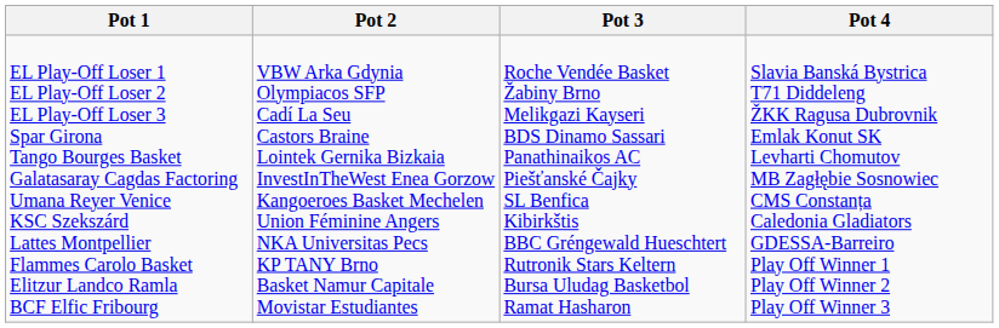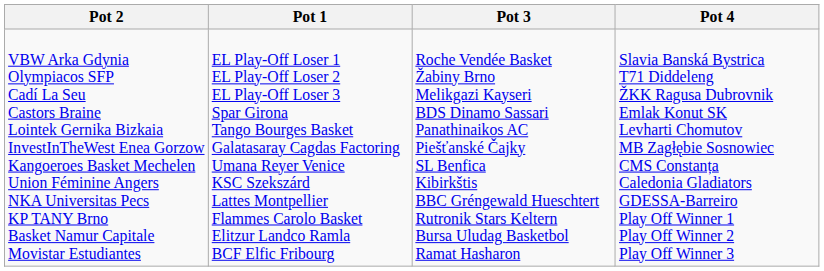 <table class="wikitable collapsible">
 <tr>
+<th width=25%>Pot 2</th>
 <th width=25%>Pot 1</th>
-<th width=25%>Pot 2</th>
 <th width=25%>Pot 3</th>
 <th width=25%>Pot 4</th>
 </tr>
 <tr>
+<td><br> <a href='#'>VBW Arka Gdynia</a><br>  <a href='#'>Olympiacos SFP</a><br>  <a href='#'>Cadí La Seu</a><br>  <a href='#'>Castors Braine</a><br>  <a href='#'>Lointek Gernika Bizkaia</a><br>  <a href='#'>InvestInTheWest Enea Gorzow</a><br>  <a href='#'>Kangoeroes Basket Mechelen</a><br>  <a href='#'>Union Féminine Angers</a><br>  <a href='#'>NKA Universitas Pecs</a><br>  <a href='#'>KP TANY Brno</a><br>  <a href='#'>Basket Namur Capitale</a><br>  <a href='#'>Movistar Estudiantes</a></td>
 <td><br> <a href='#'>EL Play-Off Loser 1</a><br>  <a href='#'>EL Play-Off Loser 2</a><br>  <a href='#'>EL Play-Off Loser 3</a><br>  <a href='#'>Spar Girona</a><br>  <a href='#'>Tango Bourges Basket</a><br>  <a href='#'>Galatasaray Cagdas Factoring</a><br>  <a href='#'>Umana Reyer Venice</a><br>  <a href='#'>KSC Szekszárd</a><br>  <a href='#'>Lattes Montpellier</a><br>  <a href='#'>Flammes Carolo Basket</a><br>  <a href='#'>Elitzur Landco Ramla</a><br>  <a href='#'>BCF Elfic Fribourg</a></td>
-<td><br> <a href='#'>VBW Arka Gdynia</a><br>  <a href='#'>Olympiacos SFP</a><br>  <a href='#'>Cadí La Seu</a><br>  <a href='#'>Castors Braine</a><br>  <a href='#'>Lointek Gernika Bizkaia</a><br>  <a href='#'>InvestInTheWest Enea Gorzow</a><br>  <a href='#'>Kangoeroes Basket Mechelen</a><br>  <a href='#'>Union Féminine Angers</a><br>  <a href='#'>NKA Universitas Pecs</a><br>  <a href='#'>KP TANY Brno</a><br>  <a href='#'>Basket Namur Capitale</a><br>  <a href='#'>Movistar Estudiantes</a></td>
 <td><br> <a href='#'>Roche Vendée Basket</a><br>  <a href='#'>Žabiny Brno</a><br>  <a href='#'>Melikgazi Kayseri</a><br>  <a href='#'>BDS Dinamo Sassari</a><br>  <a href='#'>Panathinaikos AC</a><br>  <a href='#'>Piešťanské Čajky</a><br>  <a href='#'>SL Benfica</a><br>  <a href='#'>Kibirkštis</a><br>  <a href='#'>BBC Gréngewald Hueschtert</a><br>  <a href='#'>Rutronik Stars Keltern</a> <br>  <a href='#'>Bursa Uludag Basketbol</a><br>  <a href='#'>Ramat Hasharon</a></td>
 <td><br> <a href='#'>Slavia Banská Bystrica</a><br>  <a href='#'>T71 Diddeleng</a><br>  <a href='#'>ŽKK Ragusa Dubrovnik</a><br>  <a href='#'>Emlak Konut SK</a> <br>  <a href='#'>Levharti Chomutov</a><br>  <a href='#'>MB Zagłębie Sosnowiec</a><br>  <a href='#'>CMS Constanța</a><br>  <a href='#'>Caledonia Gladiators</a><br>  <a href='#'>GDESSA-Barreiro</a><br>  <a href='#'>Play Off Winner 1</a><br>  <a href='#'>Play Off Winner 2</a><br>  <a href='#'>Play Off Winner 3</a></td>
 </tr>
 </table>
